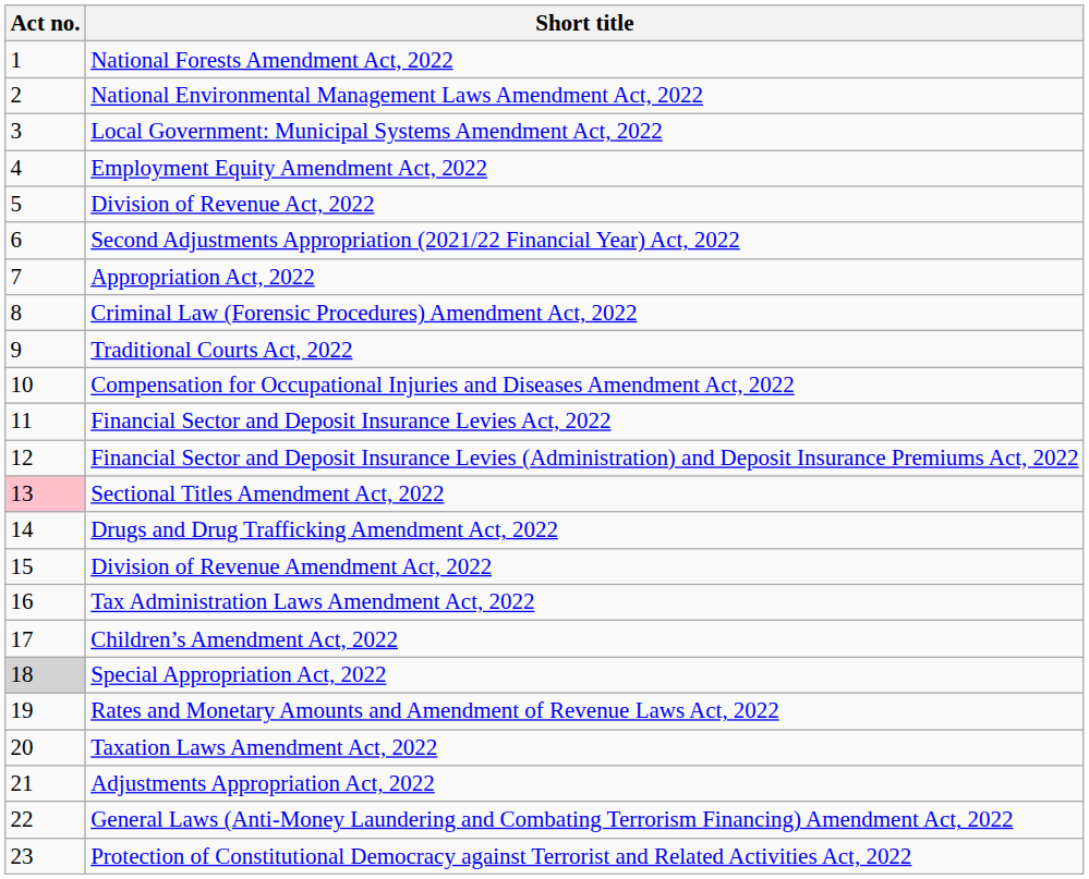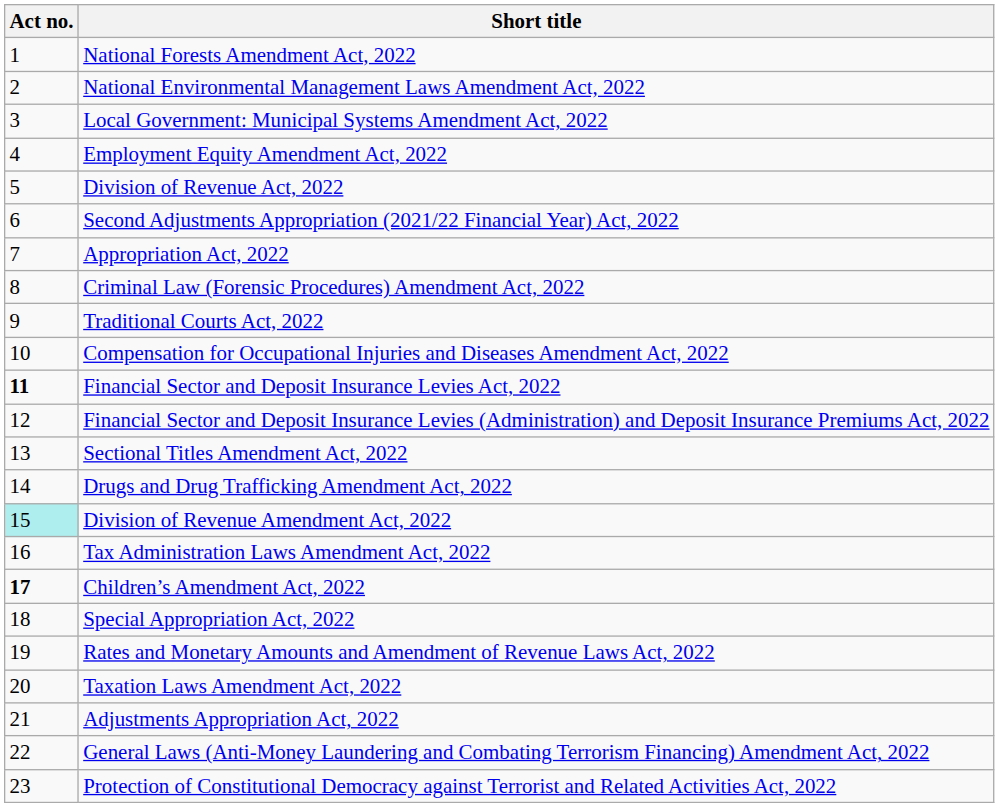 <table class="wikitable sortable">
 <tr>
 <th>Act no.</th>
 <th>Short title</th>
 </tr>
 <tr>
 <td>1</td>
 <td><a href='#'>National Forests Amendment Act, 2022</a></td>
 </tr>
 <tr>
 <td>2</td>
 <td><a href='#'>National Environmental Management Laws Amendment Act, 2022</a></td>
 </tr>
 <tr>
 <td>3</td>
 <td><a href='#'>Local Government: Municipal Systems Amendment Act, 2022</a></td>
 </tr>
 <tr>
 <td>4</td>
 <td><a href='#'>Employment Equity Amendment Act, 2022</a></td>
 </tr>
 <tr>
 <td>5</td>
 <td><a href='#'>Division of Revenue Act, 2022</a></td>
 </tr>
 <tr>
 <td>6</td>
 <td><a href='#'>Second Adjustments Appropriation (2021/22 Financial Year) Act, 2022</a></td>
 </tr>
 <tr>
 <td>7</td>
 <td><a href='#'>Appropriation Act, 2022</a></td>
 </tr>
 <tr>
 <td>8</td>
 <td><a href='#'>Criminal Law (Forensic Procedures) Amendment Act, 2022</a></td>
 </tr>
 <tr>
 <td>9</td>
 <td><a href='#'>Traditional Courts Act, 2022</a></td>
 </tr>
 <tr>
 <td>10</td>
 <td><a href='#'>Compensation for Occupational Injuries and Diseases Amendment Act, 2022</a></td>
 </tr>
 <tr>
-<td>11</td>
+<td><strong>11</strong></td>
 <td><a href='#'>Financial Sector and Deposit Insurance Levies Act, 2022</a></td>
 </tr>
 <tr>
 <td>12</td>
 <td><a href='#'>Financial Sector and Deposit Insurance Levies (Administration) and Deposit Insurance Premiums Act, 2022</a></td>
 </tr>
 <tr>
-<td style="background: pink;">13</td>
+<td>13</td>
 <td><a href='#'>Sectional Titles Amendment Act, 2022</a></td>
 </tr>
 <tr>
 <td>14</td>
 <td><a href='#'>Drugs and Drug Trafficking Amendment Act, 2022</a></td>
 </tr>
 <tr>
-<td>15</td>
+<td style="background: paleturquoise;">15</td>
 <td><a href='#'>Division of Revenue Amendment Act, 2022</a></td>
 </tr>
 <tr>
 <td>16</td>
 <td><a href='#'>Tax Administration Laws Amendment Act, 2022</a></td>
 </tr>
 <tr>
-<td>17</td>
+<td><strong>17</strong></td>
 <td><a href='#'>Children’s Amendment Act, 2022</a></td>
 </tr>
 <tr>
-<td style="background: lightgrey;">18</td>
+<td>18</td>
 <td><a href='#'>Special Appropriation Act, 2022</a></td>
 </tr>
 <tr>
 <td>19</td>
 <td><a href='#'>Rates and Monetary Amounts and Amendment of Revenue Laws Act, 2022</a></td>
 </tr>
 <tr>
 <td>20</td>
 <td><a href='#'>Taxation Laws Amendment Act, 2022</a></td>
 </tr>
 <tr>
 <td>21</td>
 <td><a href='#'>Adjustments Appropriation Act, 2022</a></td>
 </tr>
 <tr>
 <td>22</td>
 <td><a href='#'>General Laws (Anti-Money Laundering and Combating Terrorism Financing) Amendment Act, 2022</a></td>
 </tr>
 <tr>
 <td>23</td>
 <td><a href='#'>Protection of Constitutional Democracy against Terrorist and Related Activities Act, 2022</a></td>
 </tr>
 </table>
